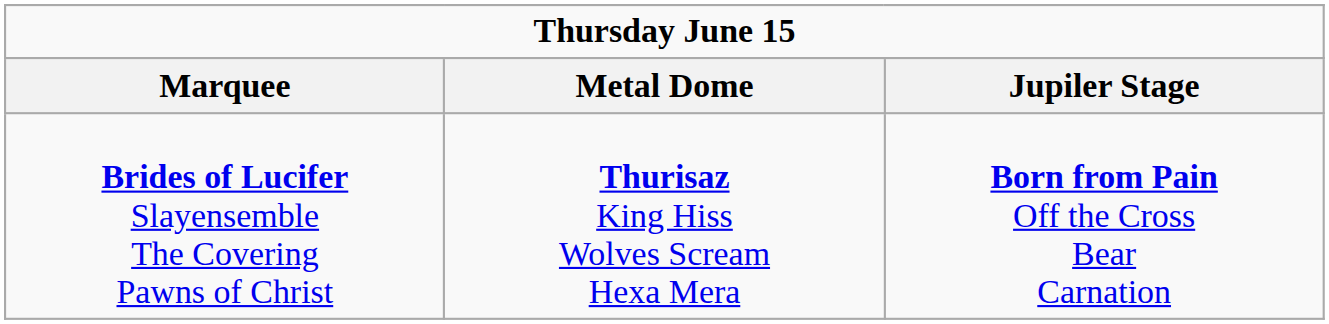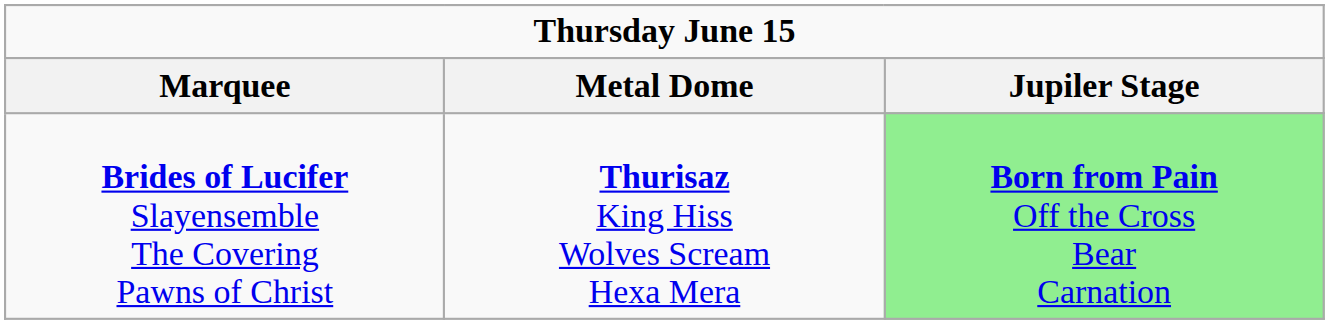 <table class="wikitable">
 <tr>
 <td colspan="3" style="text-align:center;"><strong>Thursday June 15</strong></td>
 </tr>
 <tr>
 <th>Marquee</th>
 <th>Metal Dome</th>
 <th>Jupiler Stage</th>
 </tr>
 <tr>
 <td style="text-align:center; vertical-align:top; width:200px;"><br><strong><a href='#'>Brides of Lucifer</a></strong> <br> <a href='#'>Slayensemble</a> <br> <a href='#'>The Covering</a> <br> <a href='#'>Pawns of Christ</a><br></td>
 <td style="text-align:center; vertical-align:top; width:200px;"><br><strong><a href='#'>Thurisaz</a></strong> <br> <a href='#'>King Hiss</a> <br> <a href='#'>Wolves Scream</a> <br> <a href='#'>Hexa Mera</a> <br></td>
-<td style="text-align:center; vertical-align:top; width:200px;"><br><strong><a href='#'>Born from Pain</a></strong> <br> <a href='#'>Off the Cross</a> <br> <a href='#'>Bear</a> <br> <a href='#'>Carnation</a> <br></td>
+<td style="background: lightgreen; text-align:center; vertical-align:top; width:200px;"><br><strong><a href='#'>Born from Pain</a></strong> <br> <a href='#'>Off the Cross</a> <br> <a href='#'>Bear</a> <br> <a href='#'>Carnation</a> <br></td>
 </tr>
 </table>
